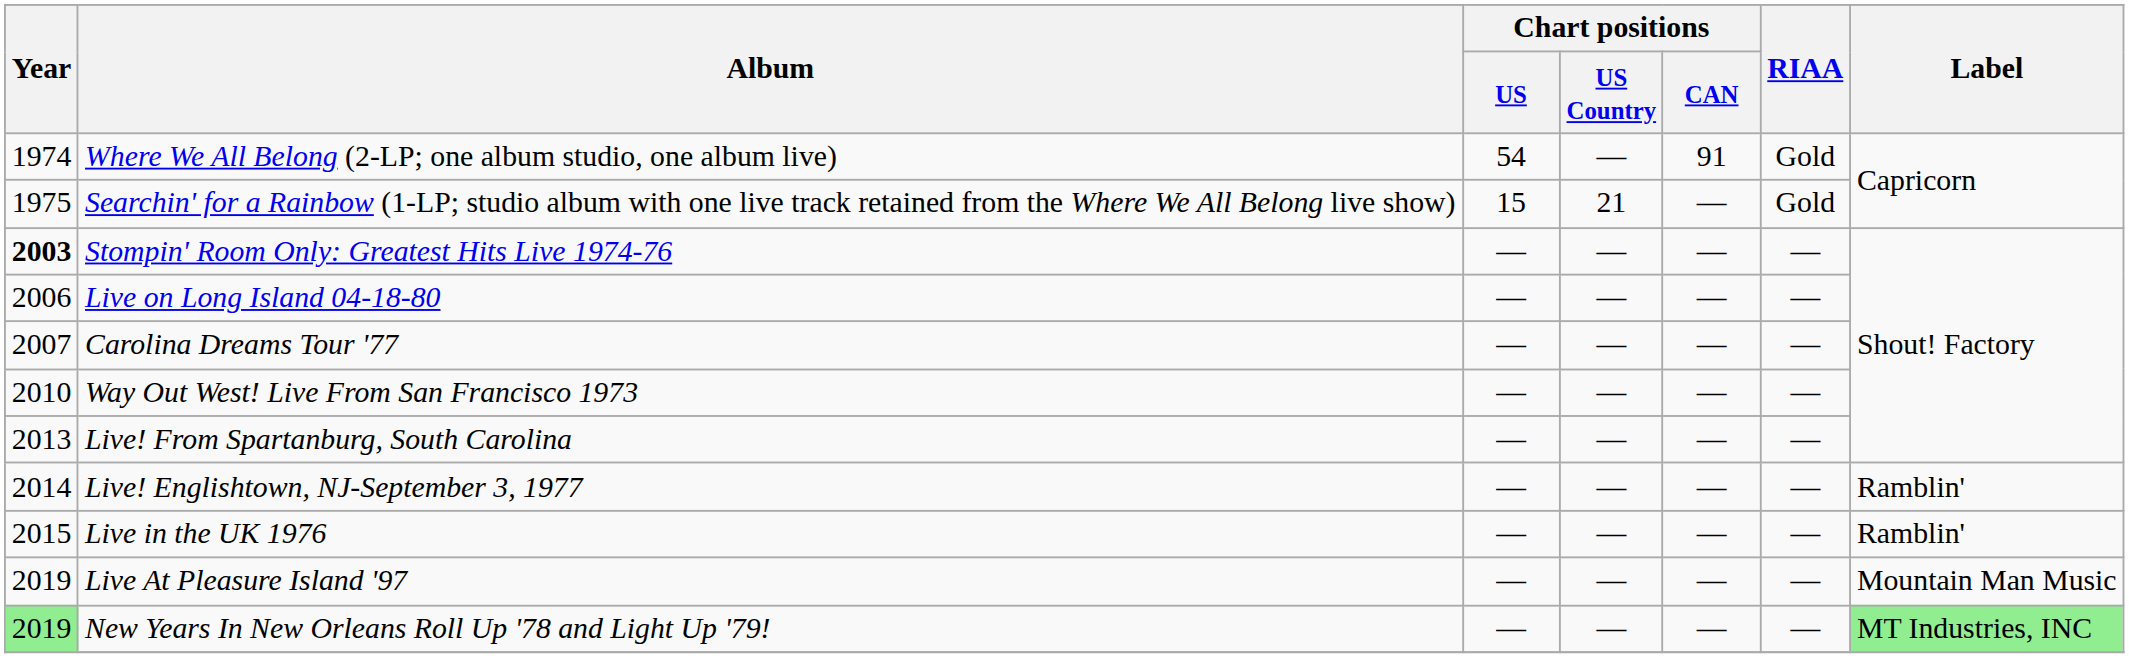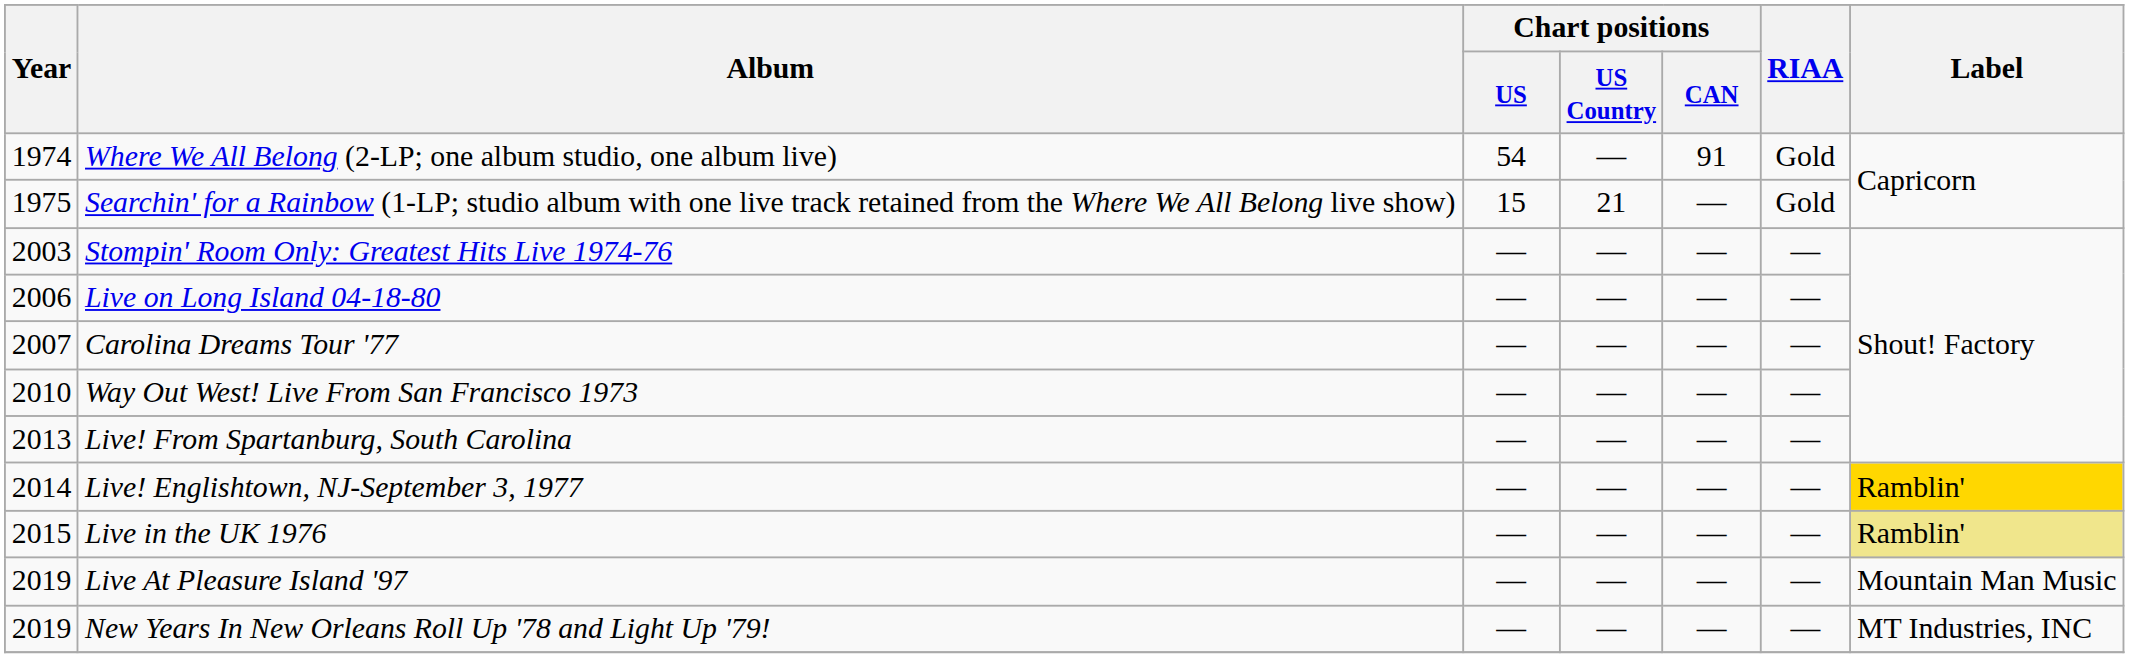 <table class="wikitable">
 <tr>
 <th rowspan="2">Year</th>
 <th rowspan="2">Album</th>
 <th colspan="3">Chart positions</th>
 <th rowspan="2"><a href='#'>RIAA</a></th>
 <th rowspan="2">Label</th>
 </tr>
 <tr>
 <th width="45"><small><a href='#'>US</a></small></th>
 <th width="45"><small><a href='#'>US Country</a></small></th>
 <th width="45"><small><a href='#'>CAN</a></small></th>
 </tr>
 <tr>
 <td>1974</td>
 <td><em><a href='#'>Where We All Belong</a></em> (2-LP; one album studio, one album live)</td>
 <td align="center">54</td>
 <td align="center">—</td>
 <td align="center">91</td>
 <td align="center">Gold</td>
 <td rowspan="2">Capricorn</td>
 </tr>
 <tr>
 <td>1975</td>
 <td><em><a href='#'>Searchin' for a Rainbow</a></em> (1-LP; studio album with one live track retained from the <em>Where We All Belong</em> live show)</td>
 <td align="center">15</td>
 <td align="center">21</td>
 <td align="center">—</td>
 <td align="center">Gold</td>
 </tr>
 <tr>
-<td><strong>2003</strong></td>
+<td>2003</td>
 <td><em><a href='#'>Stompin' Room Only: Greatest Hits Live 1974-76</a></em></td>
 <td align="center">—</td>
 <td align="center">—</td>
 <td align="center">—</td>
 <td align="center">—</td>
 <td rowspan="5">Shout! Factory</td>
 </tr>
 <tr>
 <td>2006</td>
 <td><em><a href='#'>Live on Long Island 04-18-80</a></em></td>
 <td align="center">—</td>
 <td align="center">—</td>
 <td align="center">—</td>
 <td align="center">—</td>
 </tr>
 <tr>
 <td>2007</td>
 <td><em>Carolina Dreams Tour '77</em></td>
 <td align="center">—</td>
 <td align="center">—</td>
 <td align="center">—</td>
 <td align="center">—</td>
 </tr>
 <tr>
 <td>2010</td>
 <td><em>Way Out West! Live From San Francisco 1973</em></td>
 <td align="center">—</td>
 <td align="center">—</td>
 <td align="center">—</td>
 <td align="center">—</td>
 </tr>
 <tr>
 <td>2013</td>
 <td><em>Live! From Spartanburg, South Carolina</em></td>
 <td align="center">—</td>
 <td align="center">—</td>
 <td align="center">—</td>
 <td align="center">—</td>
 </tr>
 <tr>
 <td>2014</td>
 <td><em>Live! Englishtown, NJ-September 3, 1977</em></td>
 <td align="center">—</td>
 <td align="center">—</td>
 <td align="center">—</td>
 <td align="center">—</td>
-<td>Ramblin'</td>
+<td style="background: gold;">Ramblin'</td>
 </tr>
 <tr>
 <td>2015</td>
 <td><em>Live in the UK 1976</em></td>
 <td align="center">—</td>
 <td align="center">—</td>
 <td align="center">—</td>
 <td align="center">—</td>
-<td>Ramblin'</td>
+<td style="background: khaki;">Ramblin'</td>
 </tr>
 <tr>
 <td>2019</td>
 <td><em>Live At Pleasure Island '97</em></td>
 <td align="center">—</td>
 <td align="center">—</td>
 <td align="center">—</td>
 <td align="center">—</td>
 <td>Mountain Man Music</td>
 </tr>
 <tr>
-<td style="background: lightgreen;">2019</td>
+<td>2019</td>
 <td><em>New Years In New Orleans Roll Up '78 and Light Up '79!</em></td>
 <td align="center">—</td>
 <td align="center">—</td>
 <td align="center">—</td>
 <td align="center">—</td>
-<td style="background: lightgreen;">MT Industries, INC</td>
+<td>MT Industries, INC</td>
 </tr>
 <tr>
 </tr>
 </table>
